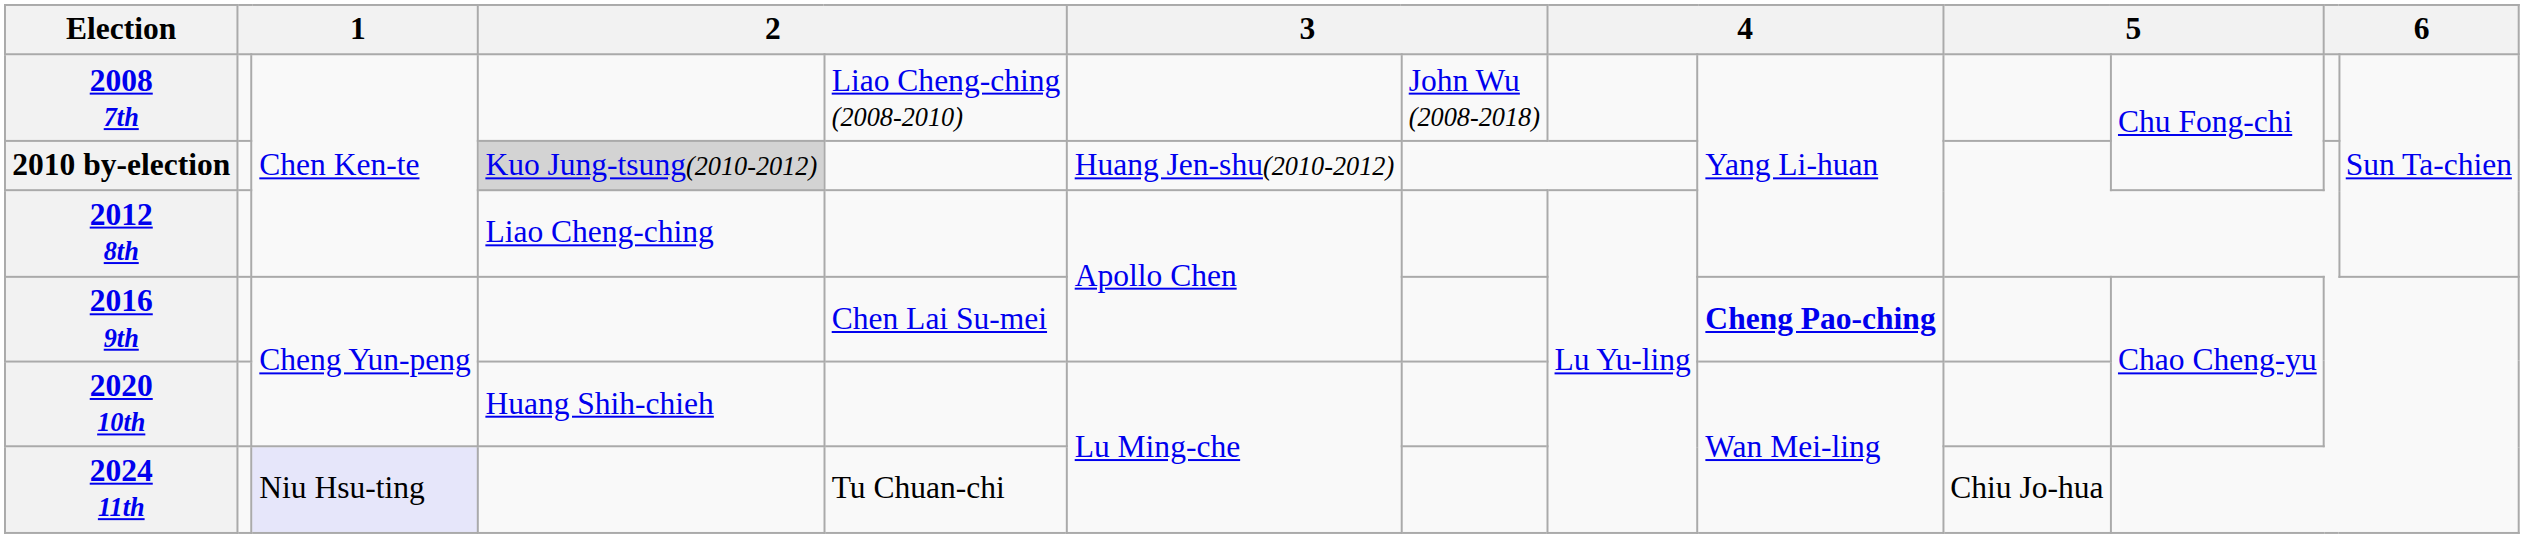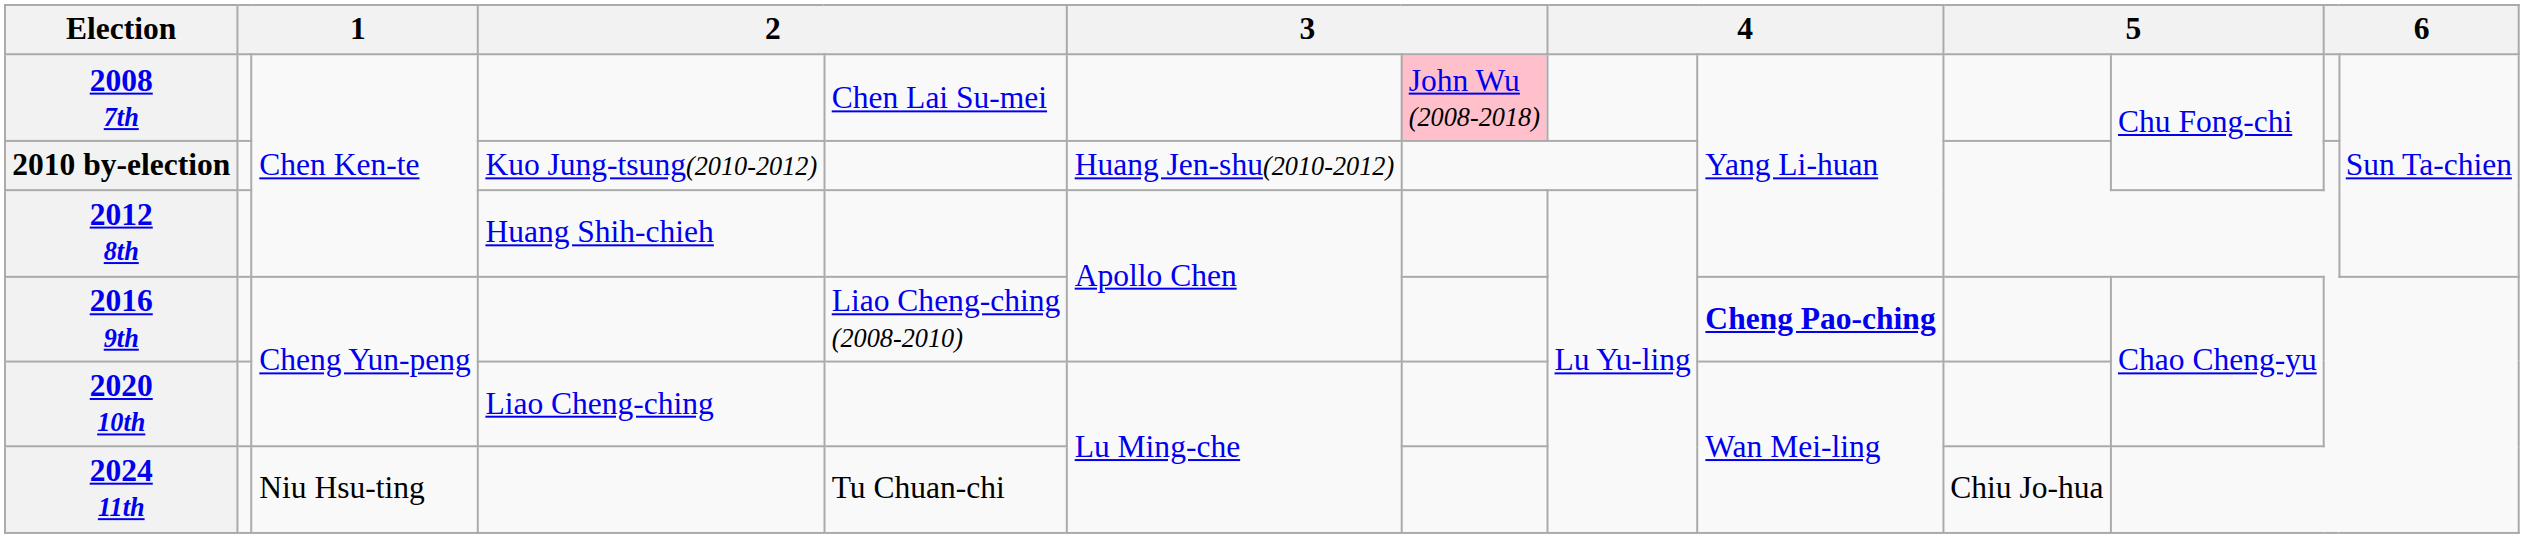 <table class="wikitable">
 <tr>
 <th>Election</th>
 <th colspan="2" width="80px">1</th>
 <th colspan="2" width="80px">2</th>
 <th colspan="2" width="80px">3</th>
 <th colspan="2" width="80px">4</th>
 <th colspan="2" width="80px">5</th>
 <th colspan="2" width="80px">6</th>
 </tr>
 <tr>
 <th><a href='#'>2008</a><br><small><em><a href='#'>7th</a></em></small><br></th>
 <td></td>
 <td rowspan=3><a href='#'>Chen Ken-te</a></td>
 <td></td>
-<td><a href='#'>Liao Cheng-ching</a><br><small><em>(2008-2010)</em></small><br></td>
+<td><a href='#'>Chen Lai Su-mei</a></td>
 <td></td>
-<td><a href='#'>John Wu</a><br><small><em>(2008-2018)</em></small><br></td>
+<td style="background: pink;"><a href='#'>John Wu</a><br><small><em>(2008-2018)</em></small><br></td>
 <td></td>
 <td rowspan=3><a href='#'>Yang Li-huan</a></td>
 <td></td>
 <td rowspan=2><a href='#'>Chu Fong-chi</a></td>
 <td></td>
 <td rowspan=3><a href='#'>Sun Ta-chien</a></td>
 </tr>
 <tr>
 <th>2010 by-election</th>
 <td></td>
-<td style="background: lightgrey;"><a href='#'>Kuo Jung-tsung</a><small><em>(2010-2012)</em></small><br></td>
+<td><a href='#'>Kuo Jung-tsung</a><small><em>(2010-2012)</em></small><br></td>
 <td></td>
 <td><a href='#'>Huang Jen-shu</a><small><em>(2010-2012)</em></small><br></td>
 </tr>
 <tr>
 <th><a href='#'>2012</a><br><small><em><a href='#'>8th</a></em></small><br></th>
 <td></td>
-<td><a href='#'>Liao Cheng-ching</a></td>
+<td><a href='#'>Huang Shih-chieh</a></td>
 <td></td>
 <td rowspan=2><a href='#'>Apollo Chen</a></td>
 <td></td>
 <td rowspan=4><a href='#'>Lu Yu-ling</a></td>
 </tr>
 <tr>
 <th><a href='#'>2016</a><br><small><em><a href='#'>9th</a></em></small><br></th>
 <td></td>
 <td rowspan=2><a href='#'>Cheng Yun-peng</a></td>
 <td></td>
-<td><a href='#'>Chen Lai Su-mei</a></td>
+<td><a href='#'>Liao Cheng-ching</a><br><small><em>(2008-2010)</em></small><br></td>
 <td></td>
 <td><strong><a href='#'>Cheng Pao-ching</a></strong></td>
 <td></td>
 <td rowspan=2><a href='#'>Chao Cheng-yu</a></td>
 </tr>
 <tr>
 <th><a href='#'>2020</a><br><small><em><a href='#'>10th</a></em></small><br></th>
 <td></td>
-<td><a href='#'>Huang Shih-chieh</a></td>
+<td><a href='#'>Liao Cheng-ching</a></td>
 <td></td>
 <td rowspan=2><a href='#'>Lu Ming-che</a></td>
 <td></td>
 <td rowspan=2><a href='#'>Wan Mei-ling</a></td>
 </tr>
 <tr>
 <th><a href='#'>2024</a><br><small><em><a href='#'>11th</a></em></small><br></th>
 <td></td>
-<td style="background: lavender;">Niu Hsu-ting</td>
+<td>Niu Hsu-ting</td>
 <td></td>
 <td>Tu Chuan-chi</td>
 <td></td>
 <td>Chiu Jo-hua</td>
 </tr>
 </table>
